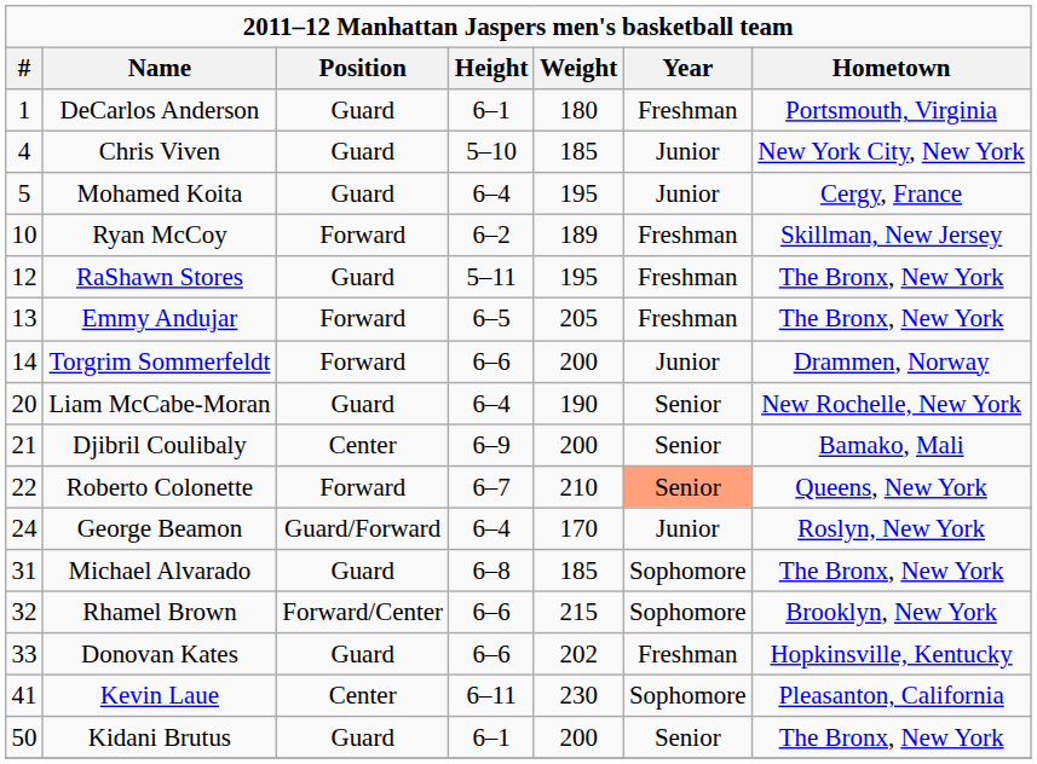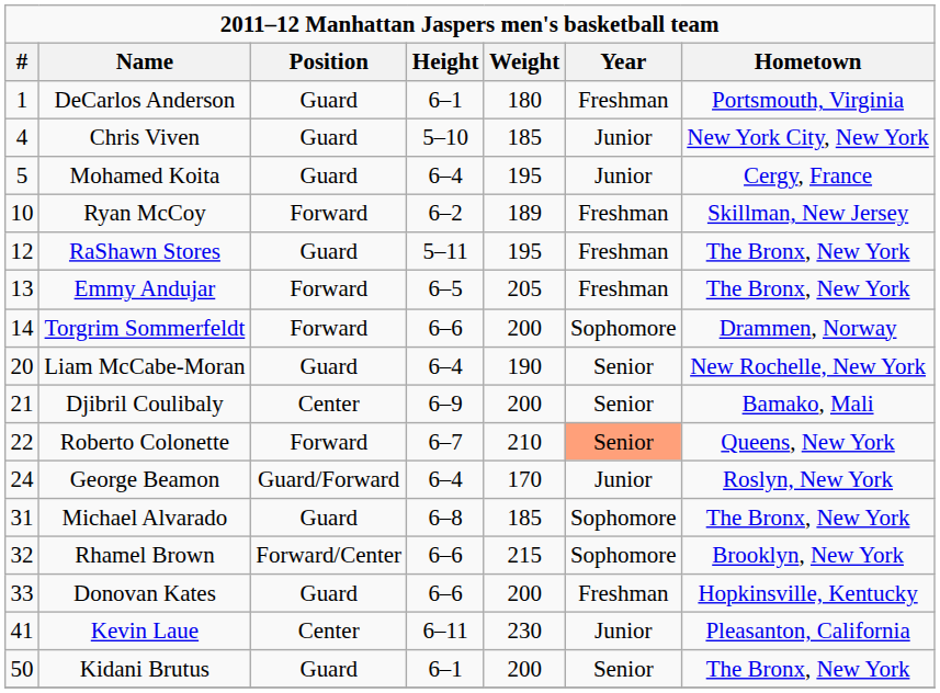 <table class="wikitable sortable" style="font-size: 95%; text-align:center;">
 <tr>
 <td colspan="7"><strong>2011–12 Manhattan Jaspers men's basketball team</strong></td>
 </tr>
 <tr>
 <th>#</th>
 <th>Name</th>
 <th>Position</th>
 <th>Height</th>
 <th>Weight</th>
 <th>Year</th>
 <th>Hometown</th>
 </tr>
 <tr>
 <td>1</td>
 <td>DeCarlos Anderson</td>
 <td>Guard</td>
 <td>6–1</td>
 <td>180</td>
 <td>Freshman</td>
 <td><a href='#'>Portsmouth, Virginia</a></td>
 </tr>
 <tr>
 <td>4</td>
 <td>Chris Viven</td>
 <td>Guard</td>
 <td>5–10</td>
 <td>185</td>
 <td>Junior</td>
 <td><a href='#'>New York City</a>, <a href='#'>New York</a></td>
 </tr>
 <tr>
 <td>5</td>
 <td>Mohamed Koita</td>
 <td>Guard</td>
 <td>6–4</td>
 <td>195</td>
 <td>Junior</td>
 <td><a href='#'>Cergy</a>, <a href='#'>France</a></td>
 </tr>
 <tr>
 <td>10</td>
 <td>Ryan McCoy</td>
 <td>Forward</td>
 <td>6–2</td>
 <td>189</td>
 <td>Freshman</td>
 <td><a href='#'>Skillman, New Jersey</a></td>
 </tr>
 <tr>
 <td>12</td>
 <td><a href='#'>RaShawn Stores</a></td>
 <td>Guard</td>
 <td>5–11</td>
 <td>195</td>
 <td>Freshman</td>
 <td><a href='#'>The Bronx</a>, <a href='#'>New York</a></td>
 </tr>
 <tr>
 <td>13</td>
 <td><a href='#'>Emmy Andujar</a></td>
 <td>Forward</td>
 <td>6–5</td>
 <td>205</td>
 <td>Freshman</td>
 <td><a href='#'>The Bronx</a>, <a href='#'>New York</a></td>
 </tr>
 <tr>
 <td>14</td>
 <td><a href='#'>Torgrim Sommerfeldt</a></td>
 <td>Forward</td>
 <td>6–6</td>
 <td>200</td>
-<td>Junior</td>
+<td>Sophomore</td>
 <td><a href='#'>Drammen</a>, <a href='#'>Norway</a></td>
 </tr>
 <tr>
 <td>20</td>
 <td>Liam McCabe-Moran</td>
 <td>Guard</td>
 <td>6–4</td>
 <td>190</td>
 <td>Senior</td>
 <td><a href='#'>New Rochelle, New York</a></td>
 </tr>
 <tr>
 <td>21</td>
 <td>Djibril Coulibaly</td>
 <td>Center</td>
 <td>6–9</td>
 <td>200</td>
 <td>Senior</td>
 <td><a href='#'>Bamako</a>, <a href='#'>Mali</a></td>
 </tr>
 <tr>
 <td>22</td>
 <td>Roberto Colonette</td>
 <td>Forward</td>
 <td>6–7</td>
 <td>210</td>
 <td style="background: lightsalmon;">Senior</td>
 <td><a href='#'>Queens</a>, <a href='#'>New York</a></td>
 </tr>
 <tr>
 <td>24</td>
 <td>George Beamon</td>
 <td>Guard/Forward</td>
 <td>6–4</td>
 <td>170</td>
 <td>Junior</td>
 <td><a href='#'>Roslyn, New York</a></td>
 </tr>
 <tr>
 <td>31</td>
 <td>Michael Alvarado</td>
 <td>Guard</td>
 <td>6–8</td>
 <td>185</td>
 <td>Sophomore</td>
 <td><a href='#'>The Bronx</a>, <a href='#'>New York</a></td>
 </tr>
 <tr>
 <td>32</td>
 <td>Rhamel Brown</td>
 <td>Forward/Center</td>
 <td>6–6</td>
 <td>215</td>
 <td>Sophomore</td>
 <td><a href='#'>Brooklyn</a>, <a href='#'>New York</a></td>
 </tr>
 <tr>
 <td>33</td>
 <td>Donovan Kates</td>
 <td>Guard</td>
 <td>6–6</td>
-<td>202</td>
+<td>200</td>
 <td>Freshman</td>
 <td><a href='#'>Hopkinsville, Kentucky</a></td>
 </tr>
 <tr>
 <td>41</td>
 <td><a href='#'>Kevin Laue</a></td>
 <td>Center</td>
 <td>6–11</td>
 <td>230</td>
-<td>Sophomore</td>
+<td>Junior</td>
 <td><a href='#'>Pleasanton, California</a></td>
 </tr>
 <tr>
 <td>50</td>
 <td>Kidani Brutus</td>
 <td>Guard</td>
 <td>6–1</td>
 <td>200</td>
 <td>Senior</td>
 <td><a href='#'>The Bronx</a>, <a href='#'>New York</a></td>
 </tr>
 <tr>
 </tr>
 </table>
